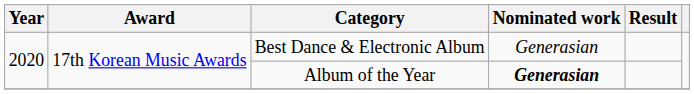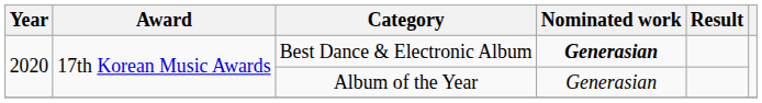 <table class="wikitable sortable" style="text-align:center">
 <tr>
 <th>Year</th>
 <th>Award</th>
 <th>Category</th>
 <th>Nominated work</th>
 <th>Result</th>
 <th></th>
 </tr>
 <tr>
 <td rowspan=2>2020</td>
 <td rowspan=2>17th <a href='#'>Korean Music Awards</a></td>
 <td>Best Dance & Electronic Album</td>
-<td><em>Generasian</em></td>
+<td><strong><em>Generasian</em></strong></td>
 <td></td>
 <td rowspan=2></td>
 </tr>
 <tr>
 <td>Album of the Year</td>
-<td><strong><em>Generasian</em></strong></td>
+<td><em>Generasian</em></td>
 <td></td>
 </tr>
 <tr>
 </tr>
 </table>
